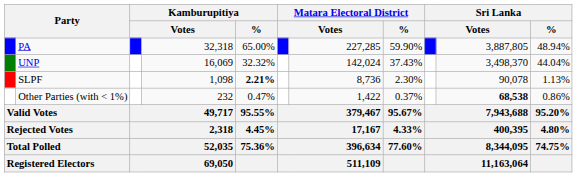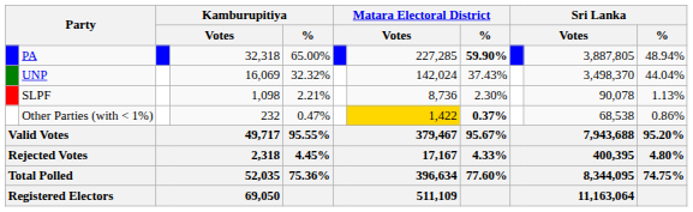 <table class="wikitable">
 <tr>
 <th colspan="2" width="144px"rowspan="2">Party</th>
 <th colspan="3" width="216px">Kamburupitiya</th>
 <th colspan="3" width="216px"><a href='#'>Matara Electoral District</a></th>
 <th colspan="3" width="216px">Sri Lanka</th>
 </tr>
 <tr>
 <th colspan="2" width="144px">Votes</th>
 <th>%</th>
 <th colspan="2" width="144px">Votes</th>
 <th>%</th>
 <th colspan="2" width="144px">Votes</th>
 <th>%</th>
 </tr>
 <tr>
 <td style="background-color:blue;" width="10px"></td>
 <td style="text-align:left;"><a href='#'>PA</a></td>
 <td style="background-color:blue;" width="10px"></td>
 <td style="text-align:right;">32,318</td>
 <td style="text-align:right;">65.00%</td>
 <td style="background-color:blue;" width="10px"></td>
 <td style="text-align:right;">227,285</td>
-<td style="text-align:right;">59.90%</td>
+<td style="text-align:right;"><strong>59.90%</strong></td>
 <td style="background-color:blue;" width="10px"></td>
 <td style="text-align:right;">3,887,805</td>
 <td style="text-align:right;">48.94%</td>
 </tr>
 <tr>
 <td style="background-color:green;" width="10px"></td>
 <td style="text-align:left;"><a href='#'>UNP</a></td>
 <td style="background-color:white;" width="10px"></td>
 <td style="text-align:right;">16,069</td>
 <td style="text-align:right;">32.32%</td>
 <td style="background-color:white;" width="10px"></td>
 <td style="text-align:right;">142,024</td>
 <td style="text-align:right;">37.43%</td>
 <td style="background-color:white;" width="10px"></td>
 <td style="text-align:right;">3,498,370</td>
 <td style="text-align:right;">44.04%</td>
 </tr>
 <tr>
 <td style="background-color:red;" width="10px"></td>
 <td style="text-align:left;">SLPF</td>
 <td style="background-color:white;" width="10px"></td>
 <td style="text-align:right;">1,098</td>
-<td style="text-align:right;"><strong>2.21%</strong></td>
+<td style="text-align:right;">2.21%</td>
 <td style="background-color:white;" width="10px"></td>
 <td style="text-align:right;">8,736</td>
 <td style="text-align:right;">2.30%</td>
 <td style="background-color:white;" width="10px"></td>
 <td style="text-align:right;">90,078</td>
 <td style="text-align:right;">1.13%</td>
 </tr>
 <tr>
 <td style="background-color:white;" width="10px"></td>
 <td style="text-align:left;">Other Parties (with < 1%)</td>
 <td style="background-color:white;" width="10px"></td>
 <td style="text-align:right;">232</td>
 <td style="text-align:right;">0.47%</td>
 <td style="background-color:white;" width="10px"></td>
-<td style="text-align:right;">1,422</td>
-<td style="text-align:right;">0.37%</td>
+<td style="background: gold; text-align:right;">1,422</td>
+<td style="text-align:right;"><strong>0.37%</strong></td>
 <td style="background-color:white;" width="10px"></td>
-<td style="text-align:right;"><strong>68,538</strong></td>
+<td style="text-align:right;">68,538</td>
 <td style="text-align:right;">0.86%</td>
 </tr>
 <tr>
 <th colspan="2" width="144px"style="text-align:left;">Valid Votes</th>
 <th style="text-align:right;"colspan="2" width="144px">49,717</th>
 <th style="text-align:right;">95.55%</th>
 <th style="text-align:right;"colspan="2" width="144px">379,467</th>
 <th style="text-align:right;">95.67%</th>
 <th style="text-align:right;"colspan="2" width="144px">7,943,688</th>
 <th style="text-align:right;">95.20%</th>
 </tr>
 <tr>
 <th colspan="2" width="144px"style="text-align:left;">Rejected Votes</th>
 <th style="text-align:right;"colspan="2" width="144px">2,318</th>
 <th style="text-align:right;">4.45%</th>
 <th style="text-align:right;"colspan="2" width="144px">17,167</th>
 <th style="text-align:right;">4.33%</th>
 <th style="text-align:right;"colspan="2" width="144px">400,395</th>
 <th style="text-align:right;">4.80%</th>
 </tr>
 <tr>
 <th colspan="2" width="144px"style="text-align:left;">Total Polled</th>
 <th style="text-align:right;"colspan="2" width="144px">52,035</th>
 <th style="text-align:right;">75.36%</th>
 <th style="text-align:right;"colspan="2" width="144px">396,634</th>
 <th style="text-align:right;">77.60%</th>
 <th style="text-align:right;"colspan="2" width="144px">8,344,095</th>
 <th style="text-align:right;">74.75%</th>
 </tr>
 <tr>
 <th colspan="2" width="144px"style="text-align:left;">Registered Electors</th>
 <th style="text-align:right;"colspan="2" width="144px">69,050</th>
 <th></th>
 <th style="text-align:right;"colspan="2" width="144px">511,109</th>
 <th></th>
 <th style="text-align:right;"colspan="2" width="144px">11,163,064</th>
 <th></th>
 </tr>
 </table>
